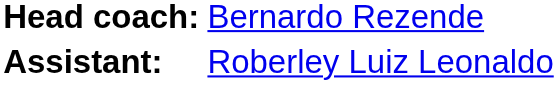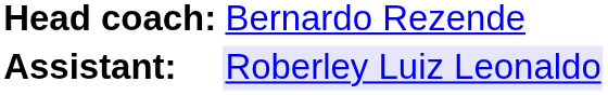 <table>
 <tr>
 <td><strong>Head coach:</strong></td>
 <td><a href='#'>Bernardo Rezende</a></td>
 </tr>
 <tr>
 <td><strong>Assistant:</strong></td>
-<td><a href='#'>Roberley Luiz Leonaldo</a></td>
+<td style="background: lavender;"><a href='#'>Roberley Luiz Leonaldo</a></td>
 </tr>
 </table>
